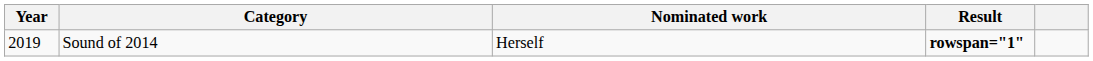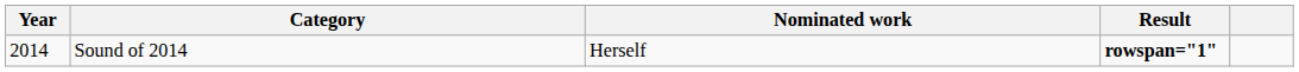 <table class="wikitable" style="width:85%;">
 <tr>
 <th width=5%>Year</th>
 <th style="width:40%;">Category</th>
 <th style="width:40%;">Nominated work</th>
 <th style="width:10%;">Result</th>
 <th width=5%></th>
 </tr>
 <tr>
-<td>2019</td>
+<td>2014</td>
 <td>Sound of 2014</td>
 <td>Herself</td>
 <td><strong>rowspan="1" </strong></td>
 <td></td>
 </tr>
 </table>
